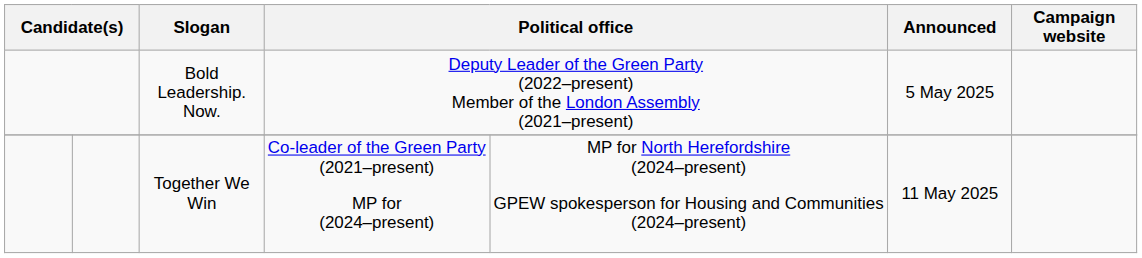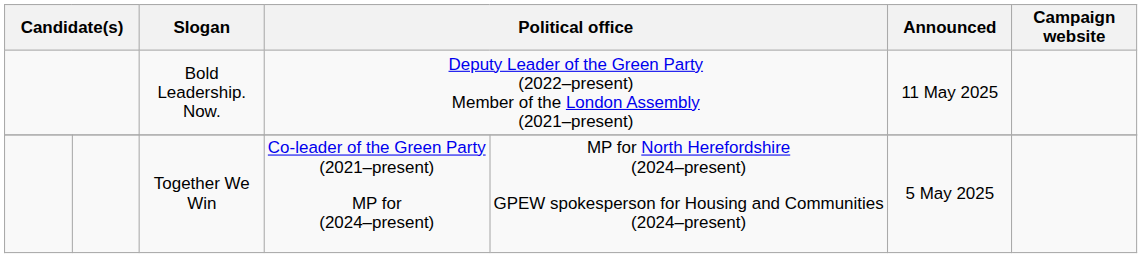 <table class="wikitable sortable" style="text-align:center">
 <tr>
 <th scope = "col" colspan = "2" style = "width: 120px;">Candidate(s)</th>
 <th scope = "col" style = "width: 110px;">Slogan</th>
 <th scope = "col" colspan = "2" style = "width: 300px;">Political office</th>
 <th scope = "col" style = "width: 110px;">Announced</th>
 <th scope = "col" style = "width: 110px;">Campaign website</th>
 </tr>
 <tr>
 <td colspan = "2"></td>
 <td>Bold Leadership. Now.</td>
 <td colspan = "2"><a href='#'>Deputy Leader of the Green Party</a><br>(2022–present)<br>Member of the <a href='#'>London Assembly</a><br>(2021–present)</td>
-<td>5 May 2025</td>
+<td>11 May 2025</td>
 <td><br></td>
 </tr>
 <tr>
 </tr>
 <tr>
 <td><br></td>
 <td><br></td>
 <td>Together We Win</td>
 <td><a href='#'>Co-leader of the Green Party</a><br>(2021–present)<p>MP for <br>(2024–present)</p></td>
 <td>MP for <a href='#'>North Herefordshire</a><br>(2024–present)<p>GPEW spokesperson for Housing and Communities<br>(2024–present)</p></td>
-<td>11 May 2025</td>
+<td>5 May 2025</td>
 <td><br></td>
 </tr>
 </table>
